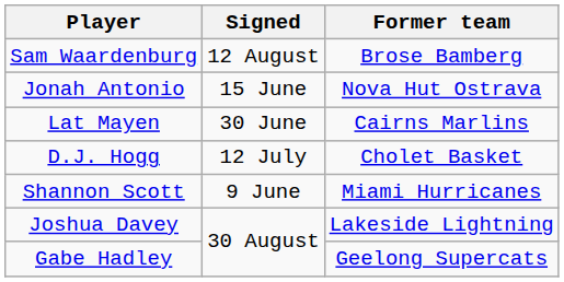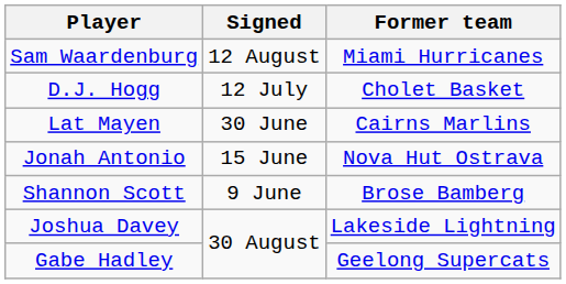 <table class="wikitable sortable sortable" style="text-align: center">
 <tr>
 <th>Player</th>
 <th>Signed</th>
 <th>Former team</th>
 </tr>
 <tr>
 <td><a href='#'>Sam Waardenburg</a></td>
 <td>12 August</td>
-<td><a href='#'>Brose Bamberg</a></td>
+<td><a href='#'>Miami Hurricanes</a></td>
+</tr>
+<tr>
+<td><a href='#'>D.J. Hogg</a></td>
+<td>12 July</td>
+<td><a href='#'>Cholet Basket</a></td>
+</tr>
+<tr>
+<td><a href='#'>Lat Mayen</a></td>
+<td>30 June</td>
+<td><a href='#'>Cairns Marlins</a></td>
 </tr>
 <tr>
 <td><a href='#'>Jonah Antonio</a></td>
 <td>15 June</td>
 <td><a href='#'>Nova Hut Ostrava</a></td>
 </tr>
 <tr>
-<td><a href='#'>Lat Mayen</a></td>
-<td>30 June</td>
-<td><a href='#'>Cairns Marlins</a></td>
-</tr>
-<tr>
-<td><a href='#'>D.J. Hogg</a></td>
-<td>12 July</td>
-<td><a href='#'>Cholet Basket</a></td>
-</tr>
-<tr>
 <td><a href='#'>Shannon Scott</a></td>
 <td>9 June</td>
-<td><a href='#'>Miami Hurricanes</a></td>
+<td><a href='#'>Brose Bamberg</a></td>
 </tr>
 <tr>
 <td><a href='#'>Joshua Davey</a></td>
 <td rowspan="2">30 August</td>
 <td><a href='#'>Lakeside Lightning</a></td>
 </tr>
 <tr>
 <td><a href='#'>Gabe Hadley</a></td>
 <td><a href='#'>Geelong Supercats</a></td>
 </tr>
 </table>
